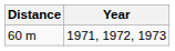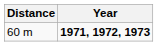 <table class="wikitable">
 <tr>
 <th>Distance</th>
 <th>Year</th>
 </tr>
 <tr>
 <td>60 m</td>
-<td>1971, 1972, 1973</td>
+<td><strong>1971, 1972, 1973</strong></td>
 </tr>
 </table>
